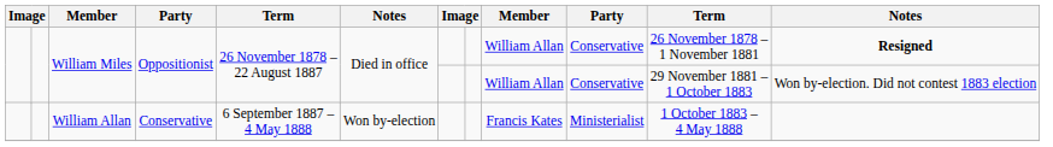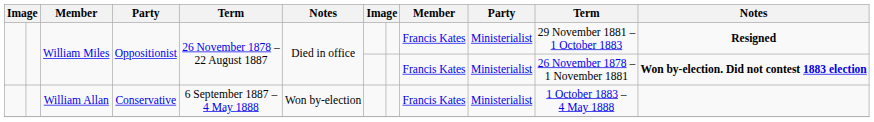 <table class="wikitable" style="text-align:center">
 <tr>
 <th colspan=2>Image</th>
 <th>Member</th>
 <th>Party</th>
 <th>Term</th>
 <th>Notes</th>
 <th colspan=2>Image</th>
 <th>Member</th>
 <th>Party</th>
 <th>Term</th>
 <th>Notes</th>
 </tr>
 <tr>
 <td rowspan="3" > </td>
 <td rowspan="3"></td>
 <td rowspan="3"><a href='#'>William Miles</a></td>
 <td rowspan="3"><a href='#'>Oppositionist</a></td>
 <td rowspan="3"><a href='#'>26 November 1878</a> –<br>22 August 1887</td>
 <td rowspan="3">Died in office</td>
 <td> </td>
 <td></td>
-<td><a href='#'>William Allan</a></td>
-<td><a href='#'>Conservative</a></td>
-<td><a href='#'>26 November 1878</a> –<br>1 November 1881</td>
+<td><a href='#'>Francis Kates</a></td>
+<td><a href='#'>Ministerialist</a></td>
+<td>29 November 1881 –<br><a href='#'>1 October 1883</a></td>
 <td><strong>Resigned</strong></td>
 </tr>
 <tr>
 <td> </td>
 <td></td>
-<td><a href='#'>William Allan</a></td>
-<td><a href='#'>Conservative</a></td>
-<td>29 November 1881 –<br><a href='#'>1 October 1883</a></td>
-<td>Won by-election. Did not contest <a href='#'>1883 election</a></td>
+<td><a href='#'>Francis Kates</a></td>
+<td><a href='#'>Ministerialist</a></td>
+<td><a href='#'>26 November 1878</a> –<br>1 November 1881</td>
+<td><strong>Won by-election. Did not contest <a href='#'>1883 election</a></strong></td>
 </tr>
 <tr>
 <td rowspan="2" > </td>
 <td rowspan="2"></td>
 <td rowspan="2"><a href='#'>Francis Kates</a></td>
 <td rowspan="2"><a href='#'>Ministerialist</a></td>
 <td rowspan="2"><a href='#'>1 October 1883</a> –<br><a href='#'>4 May 1888</a></td>
 <td rowspan="2"></td>
 </tr>
 <tr>
 <td> </td>
 <td></td>
 <td><a href='#'>William Allan</a></td>
 <td><a href='#'>Conservative</a></td>
 <td>6 September 1887 –<br><a href='#'>4 May 1888</a></td>
 <td>Won by-election</td>
 </tr>
 <tr>
 </tr>
 </table>
